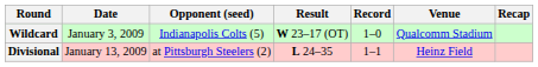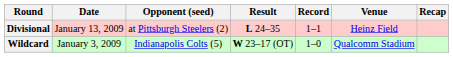 <table class="wikitable" style="text-align:center">
 <tr>
 <th>Round</th>
 <th>Date</th>
 <th>Opponent (seed)</th>
 <th>Result</th>
 <th>Record</th>
 <th>Venue</th>
 <th>Recap</th>
 </tr>
+<tr style="background:#fcc; text-align:center;">
+<th>Divisional</th>
+<td>January 13, 2009</td>
+<td>at <a href='#'>Pittsburgh Steelers</a> (2)</td>
+<td><strong>L</strong> 24–35</td>
+<td>1–1</td>
+<td><a href='#'>Heinz Field</a></td>
+<td></td>
+</tr>
 <tr style="background:#cfc">
 <th>Wildcard</th>
 <td>January 3, 2009</td>
 <td><a href='#'>Indianapolis Colts</a> (5)</td>
 <td><strong>W</strong> 23–17 (OT)</td>
 <td>1–0</td>
 <td><a href='#'>Qualcomm Stadium</a></td>
 <td></td>
 </tr>
-<tr style="background:#fcc; text-align:center;">
-<th>Divisional</th>
-<td>January 13, 2009</td>
-<td>at <a href='#'>Pittsburgh Steelers</a> (2)</td>
-<td><strong>L</strong> 24–35</td>
-<td>1–1</td>
-<td><a href='#'>Heinz Field</a></td>
-<td></td>
-</tr>
 </table>
